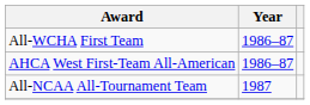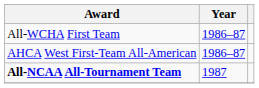 <table class="wikitable">
 <tr>
 <th>Award</th>
 <th>Year</th>
 <th></th>
 </tr>
 <tr>
 <td>All-<a href='#'>WCHA</a> <a href='#'>First Team</a></td>
 <td><a href='#'>1986–87</a></td>
 <td></td>
 </tr>
 <tr>
 <td><a href='#'>AHCA</a> <a href='#'>West First-Team All-American</a></td>
 <td><a href='#'>1986–87</a></td>
 <td></td>
 </tr>
 <tr>
-<td>All-<a href='#'>NCAA</a> <a href='#'>All-Tournament Team</a></td>
+<td><strong>All-<a href='#'>NCAA</a> <a href='#'>All-Tournament Team</a></strong></td>
 <td><a href='#'>1987</a></td>
 <td></td>
 </tr>
 <tr>
 </tr>
 </table>
